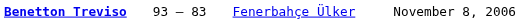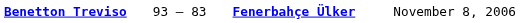 <table style="text-align:center">
 <tr>
 <th width=160></th>
 <th width=100></th>
 <th width=160></th>
 <th width=200></th>
 </tr>
 <tr>
 <td align=right><strong><a href='#'>Benetton Treviso</a></strong> </td>
 <td>93 – 83</td>
-<td align=left> <a href='#'>Fenerbahçe Ülker</a></td>
+<td align=left><strong> <a href='#'>Fenerbahçe Ülker</a></strong></td>
 <td align=left>November 8, 2006</td>
 </tr>
 </table>
